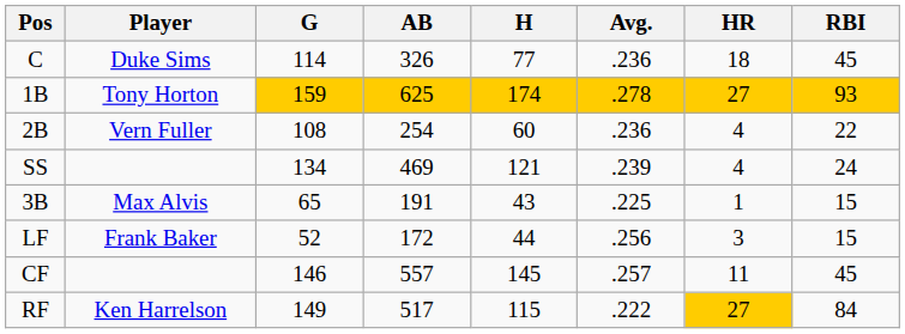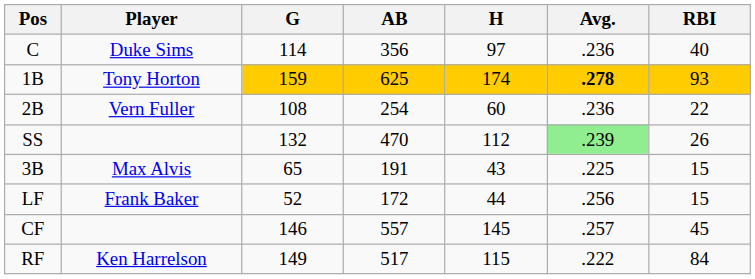 <table class="wikitable sortable">
 <tr>
 <th bgcolor="#DDDDFF" width="5%">Pos</th>
 <th bgcolor="#DDDDFF" width="16%">Player</th>
 <th bgcolor="#DDDDFF" width="9%">G</th>
 <th bgcolor="#DDDDFF" width="9%">AB</th>
 <th bgcolor="#DDDDFF" width="9%">H</th>
 <th bgcolor="#DDDDFF" width="9%">Avg.</th>
-<th bgcolor="#DDDDFF" width="9%">HR</th>
 <th bgcolor="#DDDDFF" width="9%">RBI</th>
 </tr>
 <tr align="center">
 <td>C</td>
 <td><a href='#'>Duke Sims</a></td>
 <td>114</td>
-<td>326</td>
-<td>77</td>
+<td>356</td>
+<td>97</td>
 <td>.236</td>
-<td>18</td>
-<td>45</td>
+<td>40</td>
 </tr>
 <tr align=center>
 <td>1B</td>
 <td><a href='#'>Tony Horton</a></td>
 <td style="background:#fc0;">159</td>
 <td style="background:#fc0;">625</td>
 <td style="background:#fc0;">174</td>
-<td style="background:#fc0;">.278</td>
-<td style="background:#fc0;">27</td>
+<td style="background:#fc0;"><strong>.278</strong></td>
 <td style="background:#fc0;">93</td>
 </tr>
 <tr align=center>
 <td>2B</td>
 <td><a href='#'>Vern Fuller</a></td>
 <td>108</td>
 <td>254</td>
 <td>60</td>
 <td>.236</td>
-<td>4</td>
 <td>22</td>
 </tr>
 <tr align=center>
 <td>SS</td>
 <td></td>
-<td>134</td>
-<td>469</td>
-<td>121</td>
-<td>.239</td>
-<td>4</td>
-<td>24</td>
+<td>132</td>
+<td>470</td>
+<td>112</td>
+<td style="background: lightgreen;">.239</td>
+<td>26</td>
 </tr>
 <tr align="center">
 <td>3B</td>
 <td><a href='#'>Max Alvis</a></td>
 <td>65</td>
 <td>191</td>
 <td>43</td>
 <td>.225</td>
-<td>1</td>
 <td>15</td>
 </tr>
 <tr align=center>
 <td>LF</td>
 <td><a href='#'>Frank Baker</a></td>
 <td>52</td>
 <td>172</td>
 <td>44</td>
 <td>.256</td>
-<td>3</td>
 <td>15</td>
 </tr>
 <tr align=center>
 <td>CF</td>
 <td></td>
 <td>146</td>
 <td>557</td>
 <td>145</td>
 <td>.257</td>
-<td>11</td>
 <td>45</td>
 </tr>
 <tr align="center">
 <td>RF</td>
 <td><a href='#'>Ken Harrelson</a></td>
 <td>149</td>
 <td>517</td>
 <td>115</td>
 <td>.222</td>
-<td style="background:#fc0;">27</td>
 <td>84</td>
 </tr>
 </table>
